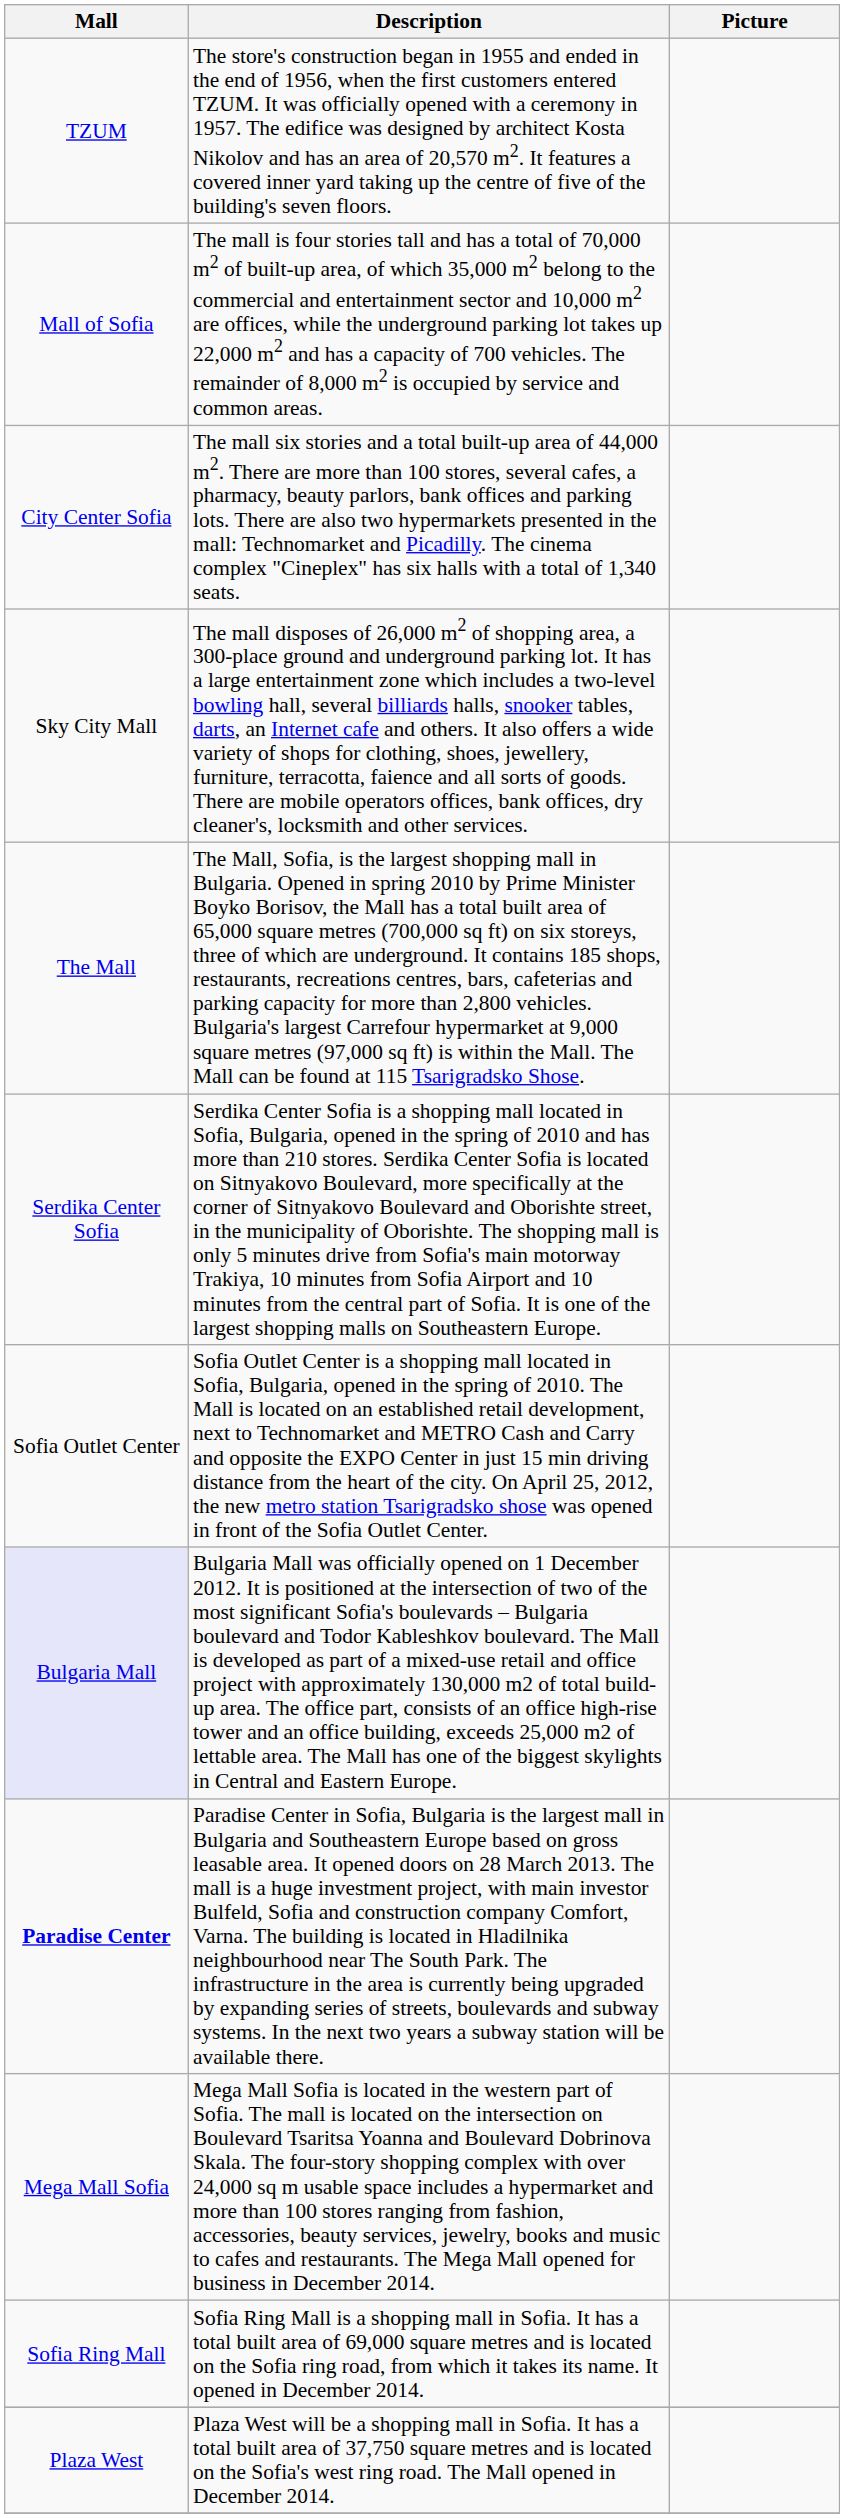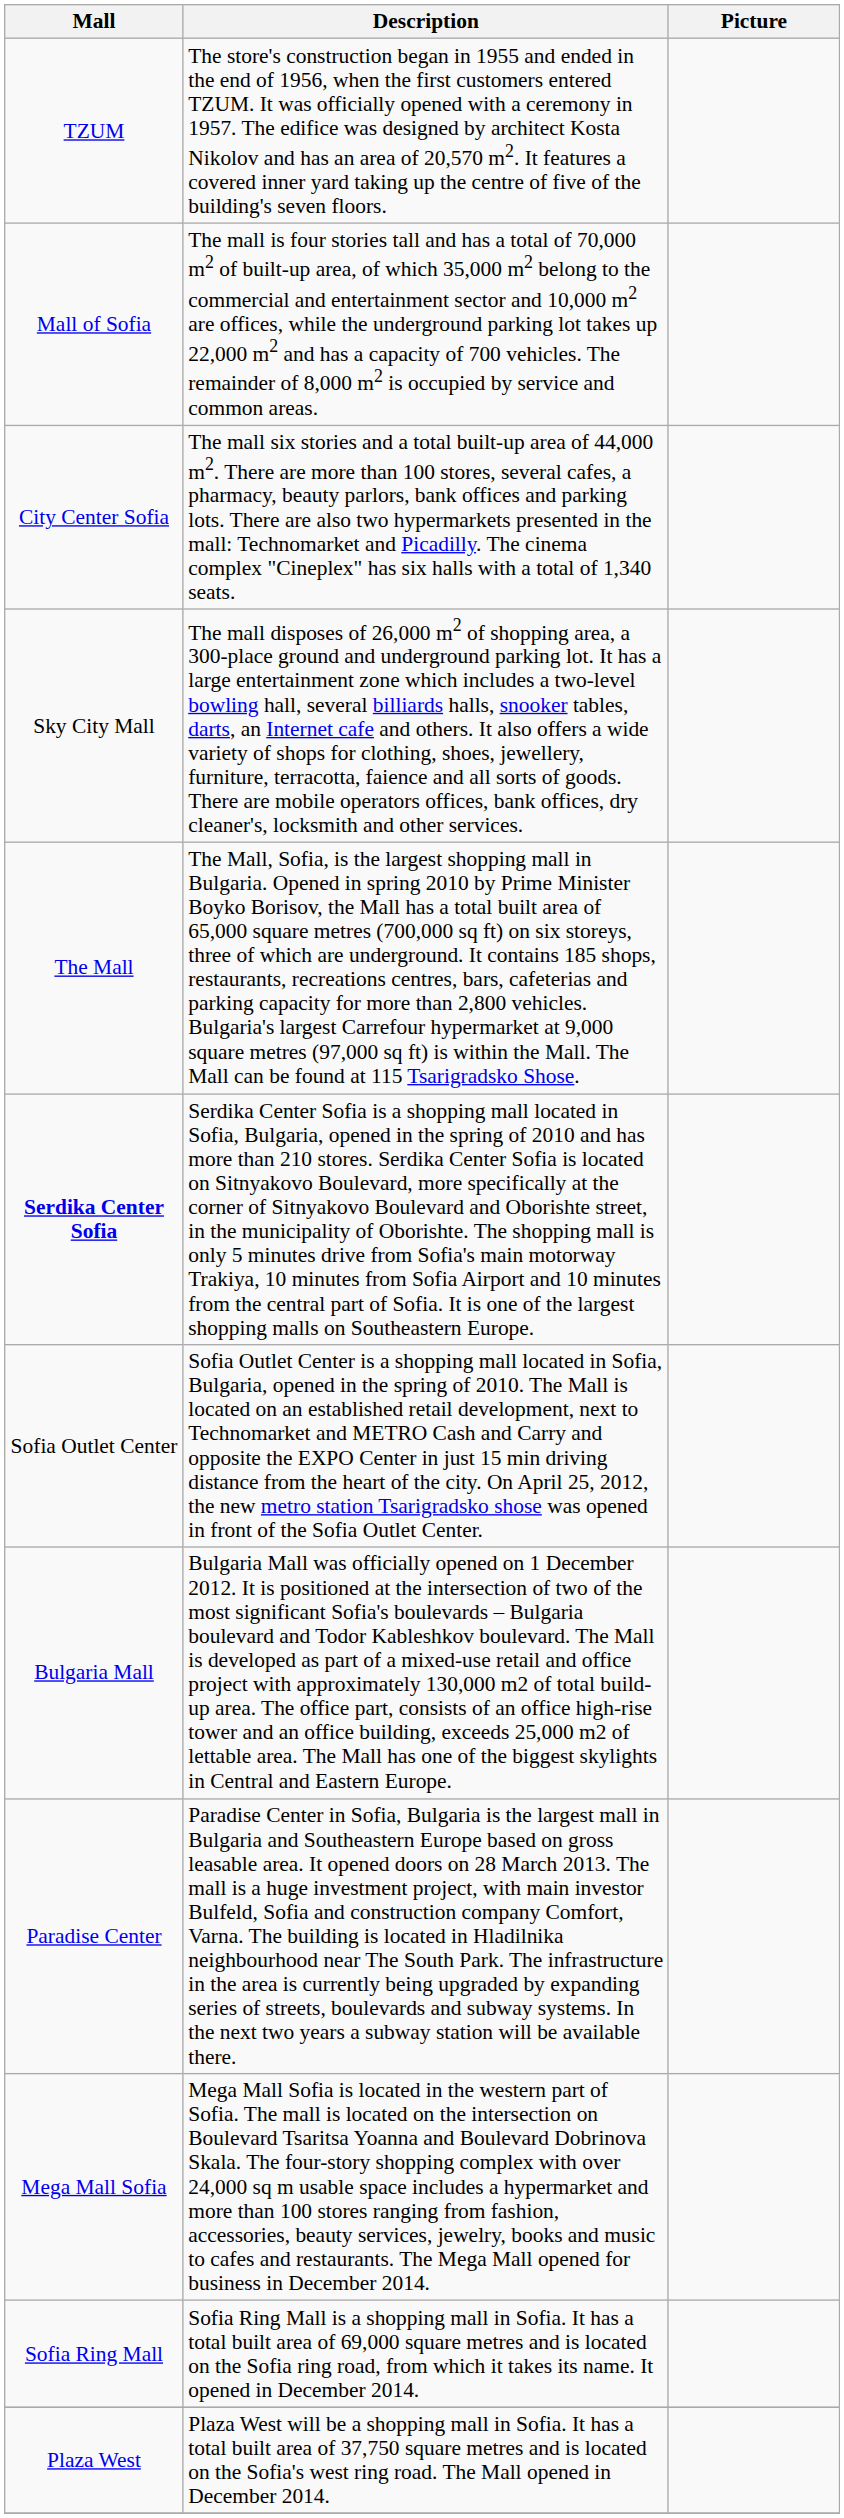 <table style="width:100%;" class="wikitable" border="1">
 <tr>
 <th width=8%>Mall</th>
 <th width=24%>Description</th>
 <th width=8%>Picture</th>
 </tr>
 <tr>
 <td align="center"><a href='#'>TZUM</a></td>
 <td align="left">The store's construction began in 1955 and ended in the end of 1956, when the first customers entered TZUM. It was officially opened with a ceremony in 1957. The edifice was designed by architect Kosta Nikolov and has an area of 20,570 m<sup>2</sup>. It features a covered inner yard taking up the centre of five of the building's seven floors.</td>
 <td align="center"></td>
 </tr>
 <tr>
 <td align="center"><a href='#'>Mall of Sofia</a></td>
 <td align="left">The mall is four stories tall and has a total of 70,000 m<sup>2</sup> of built-up area, of which 35,000 m<sup>2</sup> belong to the commercial and entertainment sector and 10,000 m<sup>2</sup>  are offices, while the underground parking lot takes up 22,000 m<sup>2</sup>  and has a capacity of 700 vehicles. The remainder of 8,000 m<sup>2</sup> is occupied by service and common areas.</td>
 <td align="center"></td>
 </tr>
 <tr>
 <td align="center"><a href='#'>City Center Sofia</a></td>
 <td align="left">The mall six stories and a total built-up area of 44,000 m<sup>2</sup>. There are more than 100 stores, several cafes, a pharmacy, beauty parlors, bank offices and parking lots. There are also two hypermarkets presented in the mall: Technomarket and <a href='#'>Picadilly</a>. The cinema complex "Cineplex" has six halls with a total of 1,340 seats.</td>
 <td align="center"></td>
 </tr>
 <tr>
 <td align="center">Sky City Mall</td>
 <td align="left">The mall disposes of 26,000 m<sup>2</sup> of shopping area, a 300-place ground and underground parking lot. It has a large entertainment zone which includes a two-level <a href='#'>bowling</a> hall, several <a href='#'>billiards</a> halls, <a href='#'>snooker</a> tables, <a href='#'>darts</a>, an <a href='#'>Internet cafe</a> and others. It also offers a wide variety of shops for clothing, shoes, jewellery, furniture, terracotta, faience and all sorts of goods. There are mobile operators offices, bank offices, dry cleaner's, locksmith and other services.</td>
 <td align="center"></td>
 </tr>
 <tr>
 <td align="center"><a href='#'>The Mall</a></td>
 <td align="left">The Mall, Sofia, is the largest shopping mall in Bulgaria. Opened in spring 2010 by Prime Minister Boyko Borisov, the Mall has a total built area of 65,000 square metres (700,000 sq ft) on six storeys, three of which are underground. It contains 185 shops, restaurants, recreations centres, bars, cafeterias and parking capacity for more than 2,800 vehicles. Bulgaria's largest Carrefour hypermarket at 9,000 square metres (97,000 sq ft) is within the Mall. The Mall can be found at 115 <a href='#'>Tsarigradsko Shose</a>.</td>
 <td align="center"></td>
 </tr>
 <tr>
-<td align="center"><a href='#'>Serdika Center Sofia</a></td>
+<td align="center"><strong><a href='#'>Serdika Center Sofia</a></strong></td>
 <td align="left">Serdika Center Sofia is a shopping mall located in Sofia, Bulgaria, opened in the spring of 2010 and has more than 210 stores. Serdika Center Sofia is located on Sitnyakovo Boulevard, more specifically at the corner of Sitnyakovo Boulevard and Oborishte street, in the municipality of Oborishte. The shopping mall is only 5 minutes drive from Sofia's main motorway Trakiya, 10 minutes from Sofia Airport and 10 minutes from the central part of Sofia. It is one of the largest shopping malls on Southeastern Europe.</td>
 <td align="center"></td>
 </tr>
 <tr>
 <td align="center">Sofia Outlet Center</td>
 <td align="left">Sofia Outlet Center is a shopping mall located in Sofia, Bulgaria, opened in the spring of 2010. The Mall is located on an established retail development, next to Technomarket and METRO Cash and Carry and opposite the EXPO Center in just 15 min driving distance from the heart of the city. On April 25, 2012, the new <a href='#'>metro station Tsarigradsko shose</a> was opened in front of the Sofia Outlet Center.</td>
 <td></td>
 </tr>
 <tr>
-<td align="center" style="background: lavender;"><a href='#'>Bulgaria Mall</a></td>
+<td align="center"><a href='#'>Bulgaria Mall</a></td>
 <td align="left">Bulgaria Mall was officially opened on 1 December 2012. It  is positioned at the intersection of two of the most significant Sofia's boulevards – Bulgaria boulevard and Todor Kableshkov boulevard. The Mall is developed as part of a mixed-use retail and office project with approximately 130,000 m2 of total build-up area. The office part, consists of an office high-rise tower and an office building, exceeds 25,000 m2 of lettable area. The Mall has one of the biggest skylights in Central and Eastern Europe.</td>
 <td></td>
 </tr>
 <tr>
-<td align="center"><strong><a href='#'>Paradise Center</a></strong></td>
+<td align="center"><a href='#'>Paradise Center</a></td>
 <td align="left">Paradise Center in Sofia, Bulgaria is the largest mall in Bulgaria and Southeastern Europe based on gross leasable area. It opened doors on 28 March 2013. The mall is a huge investment project, with main investor Bulfeld, Sofia and construction company Comfort, Varna. The building is located in Hladilnika neighbourhood near The South Park. The infrastructure in the area is currently being upgraded by expanding series of streets, boulevards and subway systems. In the next two years a subway station will be available there.</td>
 <td></td>
 </tr>
 <tr>
 <td align="center"><a href='#'>Mega Mall Sofia</a></td>
 <td align="left">Mega Mall Sofia is located in the western part of Sofia. The mall is located on the intersection on Boulevard Tsaritsa Yoanna and Boulevard Dobrinova Skala. The four-story shopping complex with over 24,000 sq m usable space includes a hypermarket and more than 100 stores ranging from fashion, accessories, beauty services, jewelry, books and music to cafes and restaurants. The Mega Mall opened for business in December 2014.</td>
 <td></td>
 </tr>
 <tr>
 <td align="center"><a href='#'>Sofia Ring Mall</a></td>
 <td align="left">Sofia Ring Mall is a shopping mall in Sofia. It has a total built area of 69,000 square metres and is located on the Sofia ring road, from which it takes its name. It opened in December 2014.</td>
 <td></td>
 </tr>
 <tr>
 </tr>
 <tr>
 <td align="center"><a href='#'>Plaza West</a></td>
 <td align="left">Plaza West will be a shopping mall in Sofia. It has a total built area of 37,750 square metres and is located on the Sofia's west ring road. The Mall opened in December 2014.</td>
 <td></td>
 </tr>
 <tr>
 </tr>
 </table>
